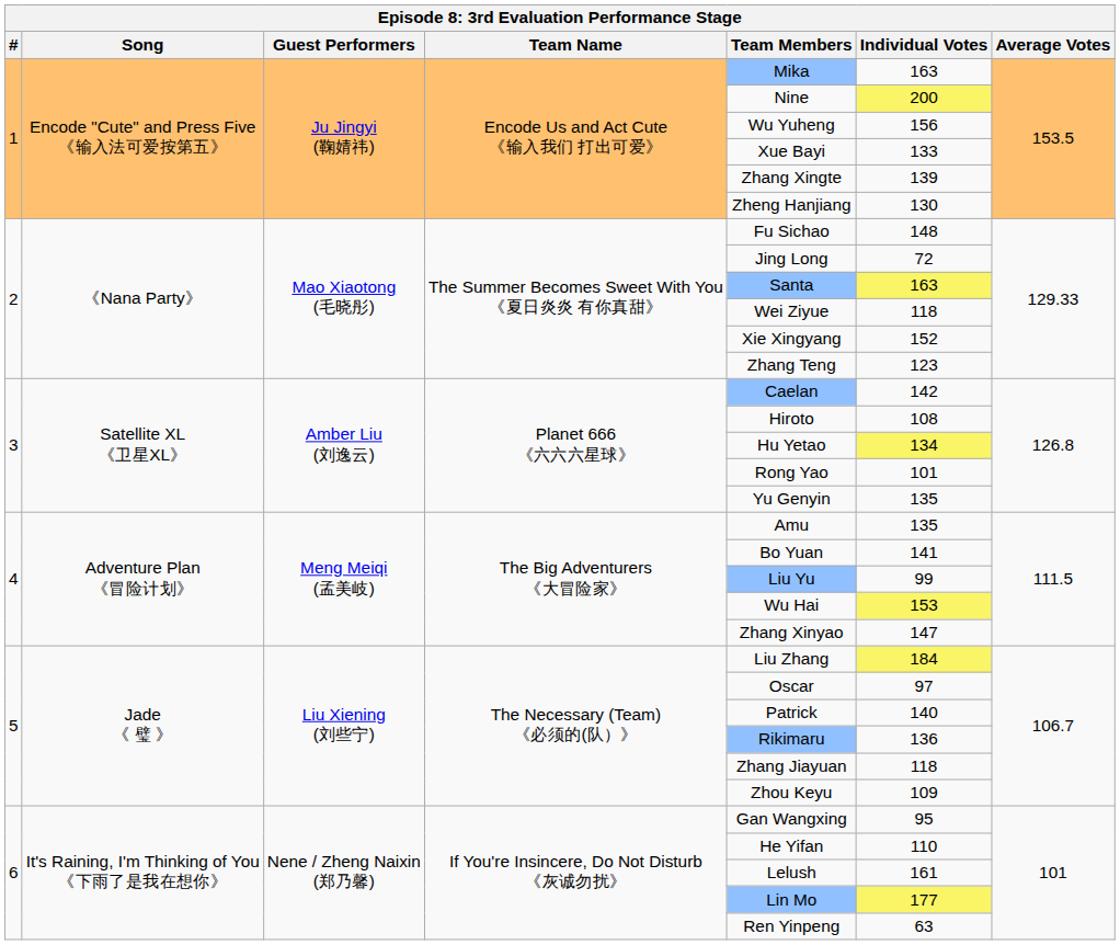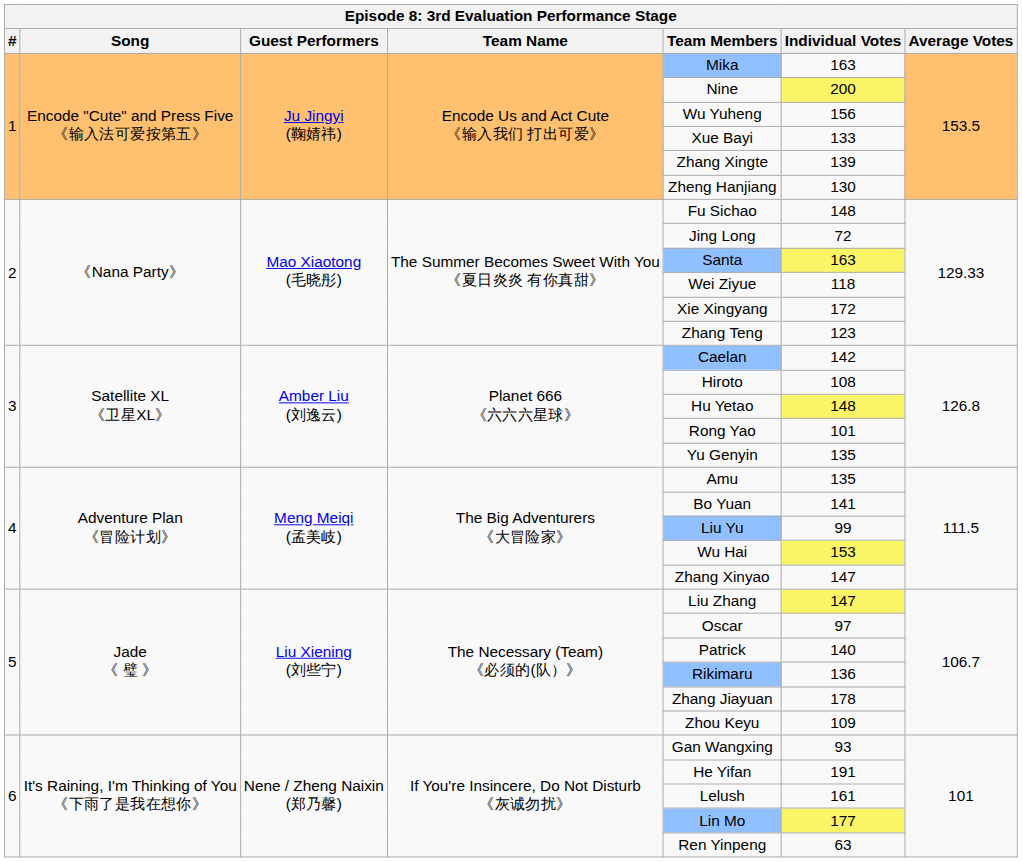 <table class="wikitable sortable" style="text-align:center;">
 <tr>
 <th colspan="7">Episode 8: 3rd Evaluation Performance Stage</th>
 </tr>
 <tr>
 <th><strong>#</strong></th>
 <th><strong>Song</strong></th>
 <th>Guest Performers</th>
 <th>Team Name</th>
 <th>Team Members</th>
 <th>Individual Votes</th>
 <th>Average Votes</th>
 </tr>
 <tr>
 <td rowspan="6" style="background:#FFC06F">1</td>
 <td rowspan="6" style="background:#FFC06F">Encode "Cute" and Press Five<br>《输入法可爱按第五》</td>
 <td rowspan="6" style="background:#FFC06F"><a href='#'>Ju Jingyi</a><br>(鞠婧祎)</td>
 <td rowspan="6" style="background:#FFC06F">Encode Us and Act Cute<br>《输入我们 打出可爱》</td>
 <td style="background:#90C0FF">Mika</td>
 <td>163</td>
 <td rowspan="6" style="background:#FFC06F">153.5</td>
 </tr>
 <tr>
 <td>Nine</td>
 <td style="background:#FAF566">200</td>
 </tr>
 <tr>
 <td>Wu Yuheng</td>
 <td>156</td>
 </tr>
 <tr>
 <td>Xue Bayi</td>
 <td>133</td>
 </tr>
 <tr>
 <td>Zhang Xingte</td>
 <td>139</td>
 </tr>
 <tr>
 <td>Zheng Hanjiang</td>
 <td>130</td>
 </tr>
 <tr>
 <td rowspan="6">2</td>
 <td rowspan="6">《Nana Party》</td>
 <td rowspan="6"><a href='#'>Mao Xiaotong</a><br>(毛晓彤)</td>
 <td rowspan="6">The Summer Becomes Sweet With You<br>《夏日炎炎 有你真甜》</td>
 <td>Fu Sichao</td>
 <td>148</td>
 <td rowspan="6">129.33</td>
 </tr>
 <tr>
 <td>Jing Long</td>
 <td>72</td>
 </tr>
 <tr>
 <td style="background:#90C0FF">Santa</td>
 <td style="background:#FAF566">163</td>
 </tr>
 <tr>
 <td>Wei Ziyue</td>
 <td>118</td>
 </tr>
 <tr>
 <td>Xie Xingyang</td>
-<td>152</td>
+<td>172</td>
 </tr>
 <tr>
 <td>Zhang Teng</td>
 <td>123</td>
 </tr>
 <tr>
 <td rowspan="5">3</td>
 <td rowspan="5">Satellite XL<br>《卫星XL》</td>
 <td rowspan="5"><a href='#'>Amber Liu</a><br>(刘逸云)</td>
 <td rowspan="5">Planet 666<br>《六六六星球》</td>
 <td style="background:#90C0FF">Caelan</td>
 <td>142</td>
 <td rowspan="5">126.8</td>
 </tr>
 <tr>
 <td>Hiroto</td>
 <td>108</td>
 </tr>
 <tr>
 <td>Hu Yetao</td>
-<td style="background:#FAF566">134</td>
+<td style="background:#FAF566">148</td>
 </tr>
 <tr>
 <td>Rong Yao</td>
 <td>101</td>
 </tr>
 <tr>
 <td>Yu Genyin</td>
 <td>135</td>
 </tr>
 <tr>
 <td rowspan="5">4</td>
 <td rowspan="5">Adventure Plan<br>《冒险计划》</td>
 <td rowspan="5"><a href='#'>Meng Meiqi</a><br>(孟美岐)</td>
 <td rowspan="5">The Big Adventurers<br>《大冒险家》</td>
 <td>Amu</td>
 <td>135</td>
 <td rowspan="5">111.5</td>
 </tr>
 <tr>
 <td>Bo Yuan</td>
 <td>141</td>
 </tr>
 <tr>
 <td style="background:#90C0FF">Liu Yu</td>
 <td>99</td>
 </tr>
 <tr>
 <td>Wu Hai</td>
 <td style="background:#FAF566">153</td>
 </tr>
 <tr>
 <td>Zhang Xinyao</td>
 <td>147</td>
 </tr>
 <tr>
 <td rowspan="6">5</td>
 <td rowspan="6">Jade<br>《 璧 》</td>
 <td rowspan="6"><a href='#'>Liu Xiening</a><br>(刘些宁)</td>
 <td rowspan="6">The Necessary (Team)<br>《必须的(队）》</td>
 <td>Liu Zhang</td>
-<td style="background:#FAF566">184</td>
+<td style="background:#FAF566">147</td>
 <td rowspan="6">106.7</td>
 </tr>
 <tr>
 <td>Oscar</td>
 <td>97</td>
 </tr>
 <tr>
 <td>Patrick</td>
 <td>140</td>
 </tr>
 <tr>
 <td style="background:#90C0FF">Rikimaru</td>
 <td>136</td>
 </tr>
 <tr>
 <td>Zhang Jiayuan</td>
-<td>118</td>
+<td>178</td>
 </tr>
 <tr>
 <td>Zhou Keyu</td>
 <td>109</td>
 </tr>
 <tr>
 <td rowspan="5">6</td>
 <td rowspan="5">It's Raining, I'm Thinking of You<br>《下雨了是我在想你》</td>
 <td rowspan="5">Nene / Zheng Naixin<br>(郑乃馨)</td>
 <td rowspan="5">If You're Insincere, Do Not Disturb<br>《灰诚勿扰》</td>
 <td>Gan Wangxing</td>
-<td>95</td>
+<td>93</td>
 <td rowspan="5">101</td>
 </tr>
 <tr>
 <td>He Yifan</td>
-<td>110</td>
+<td>191</td>
 </tr>
 <tr>
 <td>Lelush</td>
 <td>161</td>
 </tr>
 <tr>
 <td style="background:#90C0FF">Lin Mo</td>
 <td style="background:#FAF566">177</td>
 </tr>
 <tr>
 <td>Ren Yinpeng</td>
 <td>63</td>
 </tr>
 </table>
